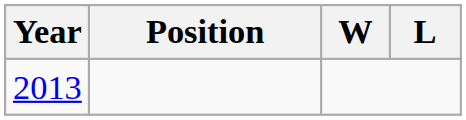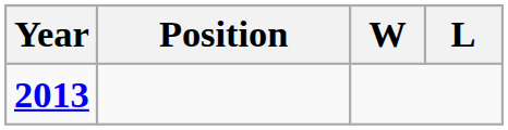 <table class="wikitable" style="text-align: center;">
 <tr>
 <th>Year</th>
 <th width="100">Position</th>
 <th width="25">W</th>
 <th width="25">L</th>
 </tr>
 <tr>
-<td> <a href='#'>2013</a></td>
+<td><strong> <a href='#'>2013</a></strong></td>
 <td></td>
 </tr>
 </table>
